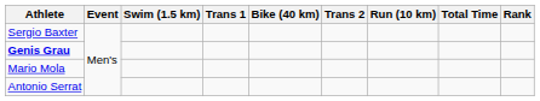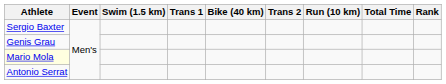 <table class="wikitable" style="font-size:90%">
 <tr>
 <th>Athlete</th>
 <th>Event</th>
 <th>Swim (1.5 km)</th>
 <th>Trans 1</th>
 <th>Bike (40 km)</th>
 <th>Trans 2</th>
 <th>Run (10 km)</th>
 <th>Total Time</th>
 <th>Rank</th>
 </tr>
 <tr align=center>
 <td align=left><a href='#'>Sergio Baxter</a></td>
 <td align=left rowspan=4>Men's</td>
 <td></td>
 <td></td>
 <td></td>
 <td></td>
 <td></td>
 <td></td>
 <td></td>
 </tr>
 <tr align=center>
-<td align=left><strong><a href='#'>Genis Grau</a></strong></td>
+<td align=left><a href='#'>Genis Grau</a></td>
 <td></td>
 <td></td>
 <td></td>
 <td></td>
 <td></td>
 <td></td>
 <td></td>
 </tr>
 <tr align=center>
-<td align=left><a href='#'>Mario Mola</a></td>
+<td align=left style="background: lightyellow;"><a href='#'>Mario Mola</a></td>
 <td></td>
 <td></td>
 <td></td>
 <td></td>
 <td></td>
 <td></td>
 <td></td>
 </tr>
 <tr align=center>
 <td align=left><a href='#'>Antonio Serrat</a></td>
 <td></td>
 <td></td>
 <td></td>
 <td></td>
 <td></td>
 <td></td>
 <td></td>
 </tr>
 </table>
